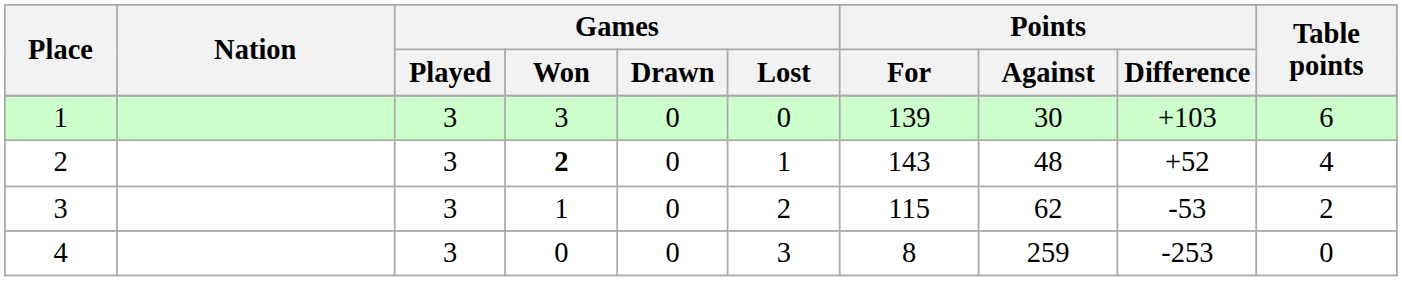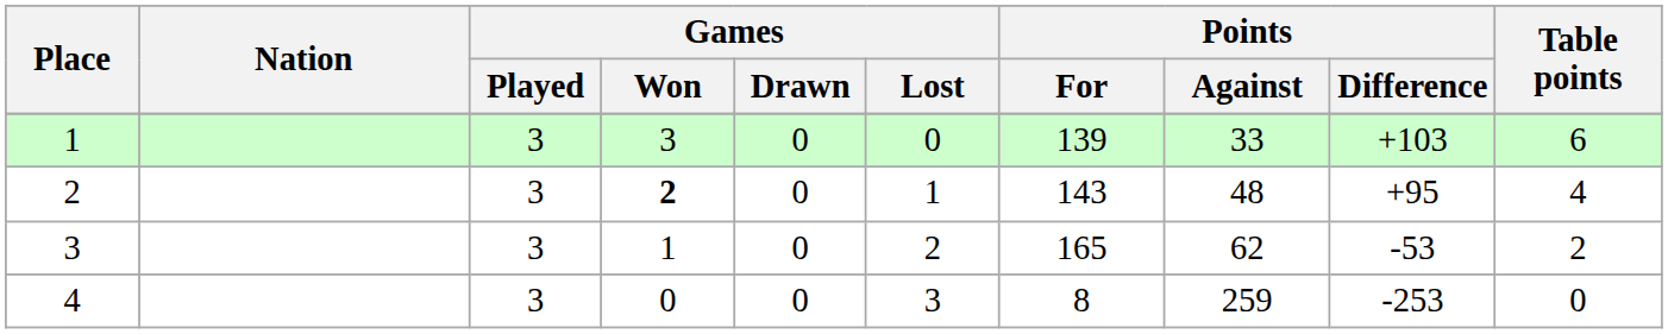 <table class="wikitable">
 <tr>
 <th rowspan=2 width="8%">Place</th>
 <th rowspan=2 width="20%">Nation</th>
 <th colspan=4 width="32%">Games</th>
 <th colspan=3 width="30%">Points</th>
 <th rowspan=2 width="10%">Table<br>points</th>
 </tr>
 <tr>
 <th width="8%">Played</th>
 <th width="8%">Won</th>
 <th width="8%">Drawn</th>
 <th width="8%">Lost</th>
 <th width="10%">For</th>
 <th width="10%">Against</th>
 <th width="10%">Difference</th>
 </tr>
 <tr>
 </tr>
 <tr bgcolor=#ccffcc align=center>
 <td>1</td>
 <td align=left></td>
 <td>3</td>
 <td>3</td>
 <td>0</td>
 <td>0</td>
 <td>139</td>
-<td>30</td>
+<td>33</td>
 <td>+103</td>
 <td>6</td>
 </tr>
 <tr bgcolor=#ffffff align=center>
 <td>2</td>
 <td align=left></td>
 <td>3</td>
 <td><strong>2</strong></td>
 <td>0</td>
 <td>1</td>
 <td>143</td>
 <td>48</td>
-<td>+52</td>
+<td>+95</td>
 <td>4</td>
 </tr>
 <tr bgcolor=#ffffff align=center>
 <td>3</td>
 <td align=left></td>
 <td>3</td>
 <td>1</td>
 <td>0</td>
 <td>2</td>
-<td>115</td>
+<td>165</td>
 <td>62</td>
 <td>-53</td>
 <td>2</td>
 </tr>
 <tr bgcolor=#ffffff align=center>
 <td>4</td>
 <td align=left></td>
 <td>3</td>
 <td>0</td>
 <td>0</td>
 <td>3</td>
 <td>8</td>
 <td>259</td>
 <td>-253</td>
 <td>0</td>
 </tr>
 </table>
